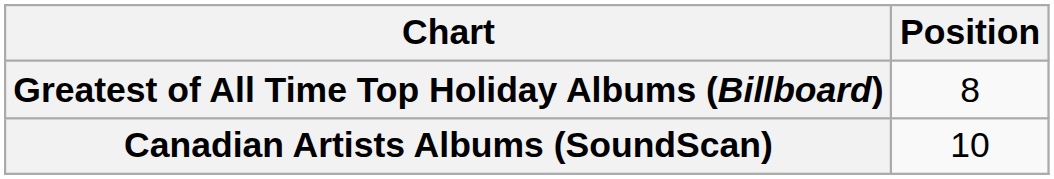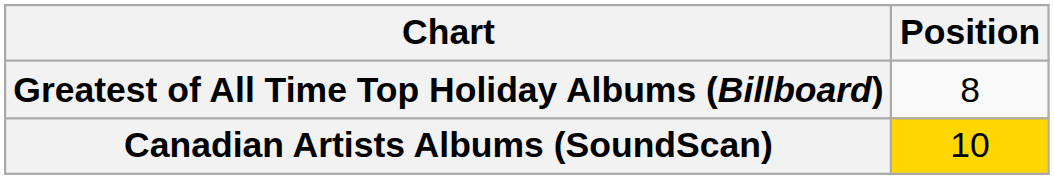 <table class="wikitable plainrowheaders sortable" style="text-align:center">
 <tr>
 <th scope="col">Chart</th>
 <th scope="col">Position</th>
 </tr>
 <tr>
 <th scope="row">Greatest of All Time Top Holiday Albums (<em>Billboard</em>)</th>
 <td>8</td>
 </tr>
 <tr>
 <th scope="row">Canadian Artists Albums (SoundScan)</th>
-<td>10</td>
+<td style="background: gold;">10</td>
 </tr>
 </table>
